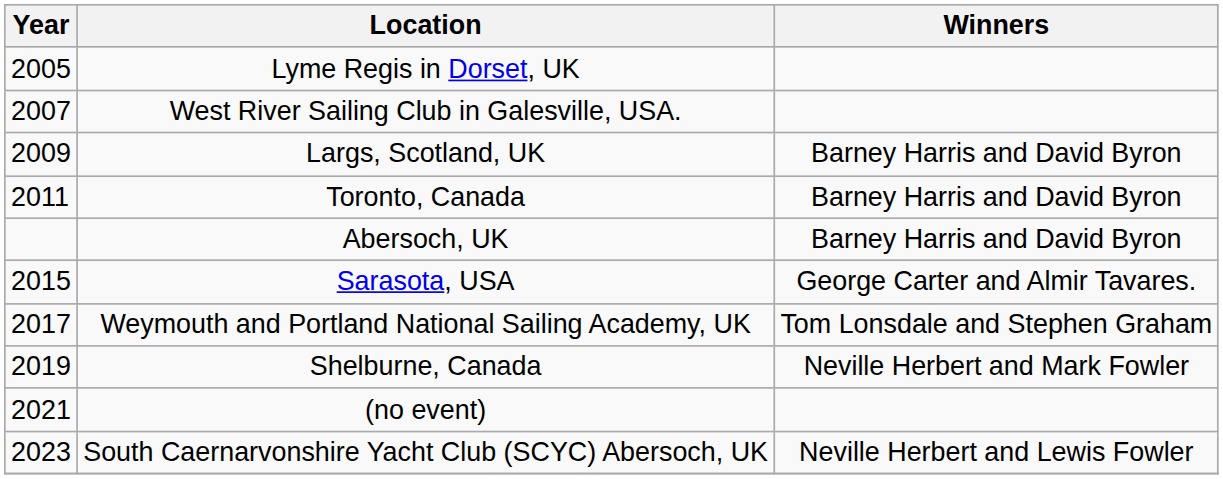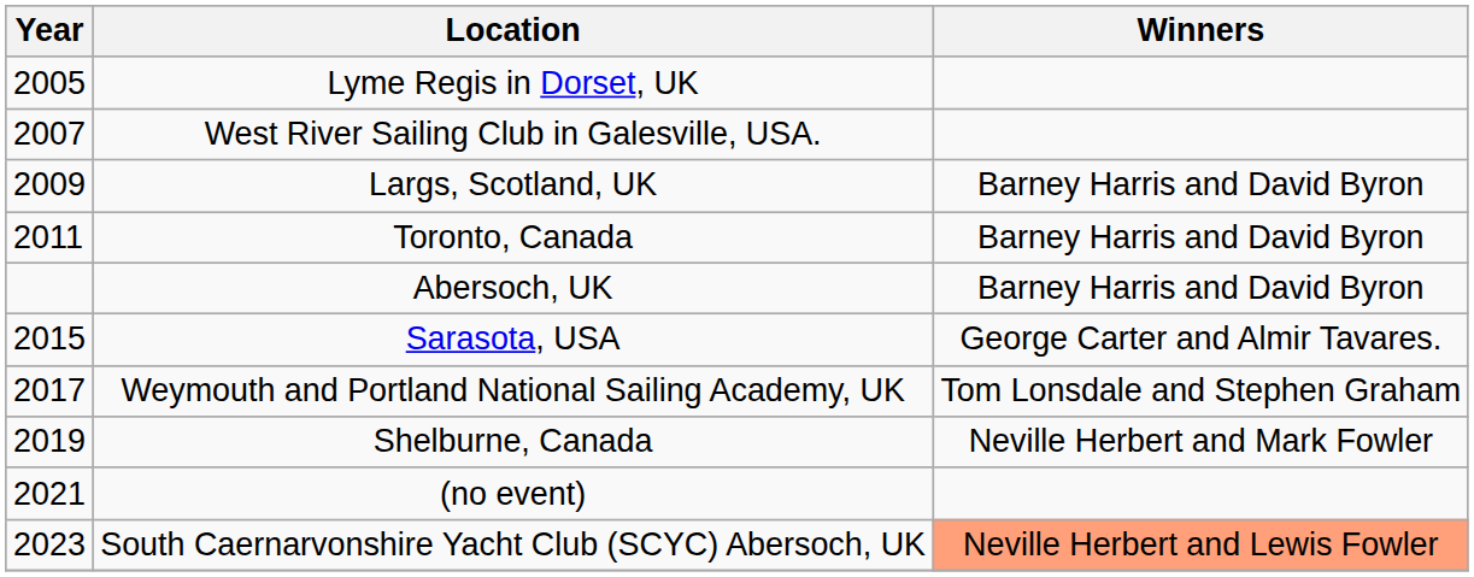 <table class="wikitable" style="text-align:center">
 <tr>
 <th>Year</th>
 <th>Location</th>
 <th>Winners</th>
 </tr>
 <tr>
 <td style="text-align:left">2005</td>
 <td>Lyme Regis in <a href='#'>Dorset</a>, UK</td>
 <td></td>
 </tr>
 <tr>
 <td style="text-align:left">2007</td>
 <td>West River Sailing Club in Galesville, USA.</td>
 <td></td>
 </tr>
 <tr>
 <td style="text-align:left">2009</td>
 <td>Largs, Scotland, UK</td>
 <td>Barney Harris and David Byron</td>
 </tr>
 <tr>
 <td style="text-align:left">2011</td>
 <td>Toronto, Canada</td>
 <td>Barney Harris and David Byron</td>
 </tr>
 <tr>
 <td style="text-align:left"></td>
 <td>Abersoch, UK</td>
 <td>Barney Harris and David Byron</td>
 </tr>
 <tr>
 <td style="text-align:left">2015</td>
 <td><a href='#'>Sarasota</a>, USA</td>
 <td>George Carter and Almir Tavares.</td>
 </tr>
 <tr>
 <td style="text-align:left">2017</td>
 <td>Weymouth and Portland National Sailing Academy, UK</td>
 <td>Tom Lonsdale and Stephen Graham</td>
 </tr>
 <tr>
 <td style="text-align:left">2019</td>
 <td>Shelburne, Canada</td>
 <td>Neville Herbert and Mark Fowler</td>
 </tr>
 <tr>
 <td style="text-align:left">2021</td>
 <td>(no event)</td>
 <td></td>
 </tr>
 <tr>
 <td style="text-align:left">2023</td>
 <td>South Caernarvonshire Yacht Club (SCYC) Abersoch, UK</td>
-<td>Neville Herbert and Lewis Fowler</td>
+<td style="background: lightsalmon;">Neville Herbert and Lewis Fowler</td>
 </tr>
 <tr>
 </tr>
 </table>
